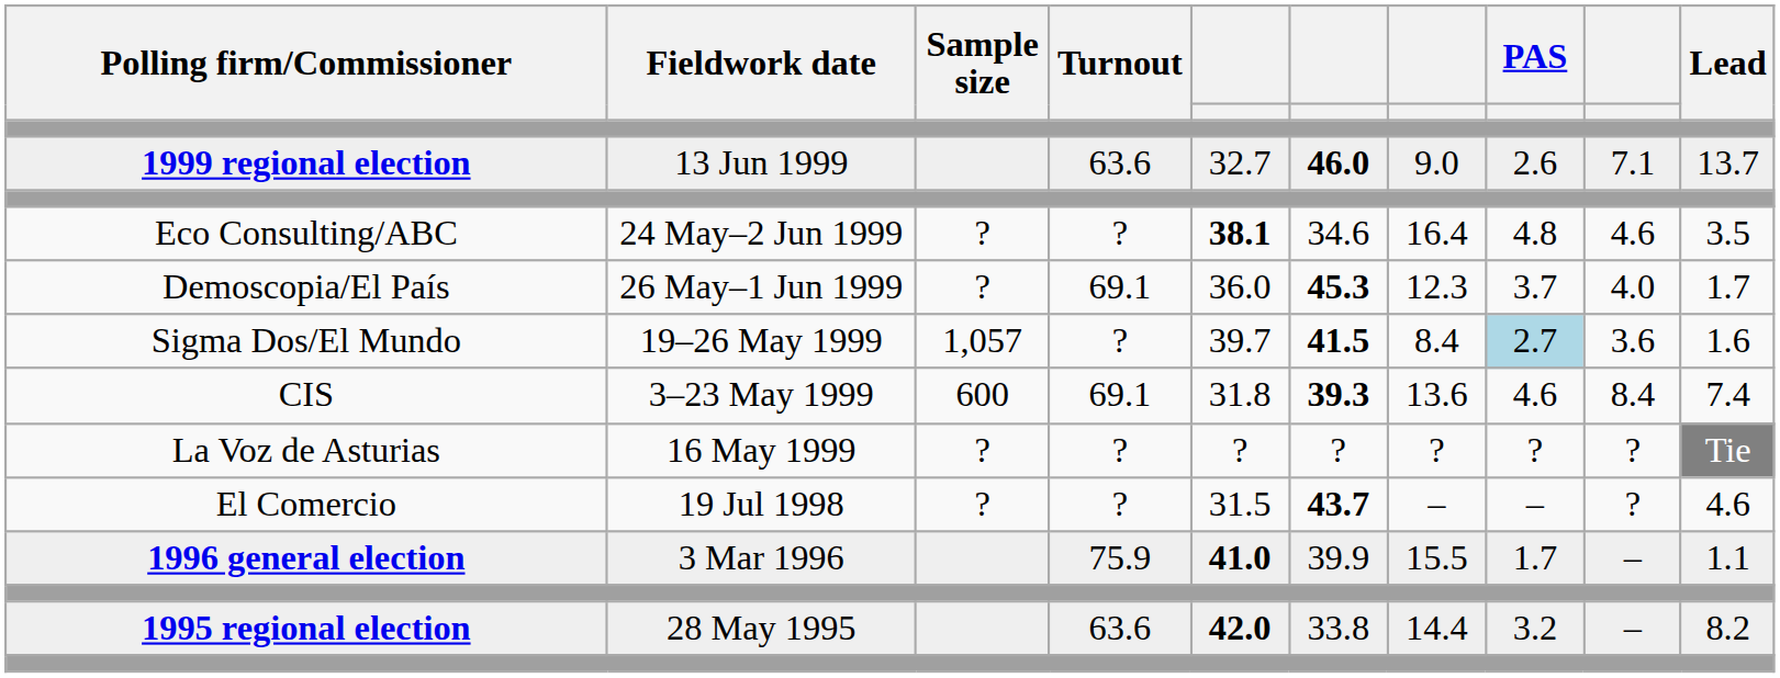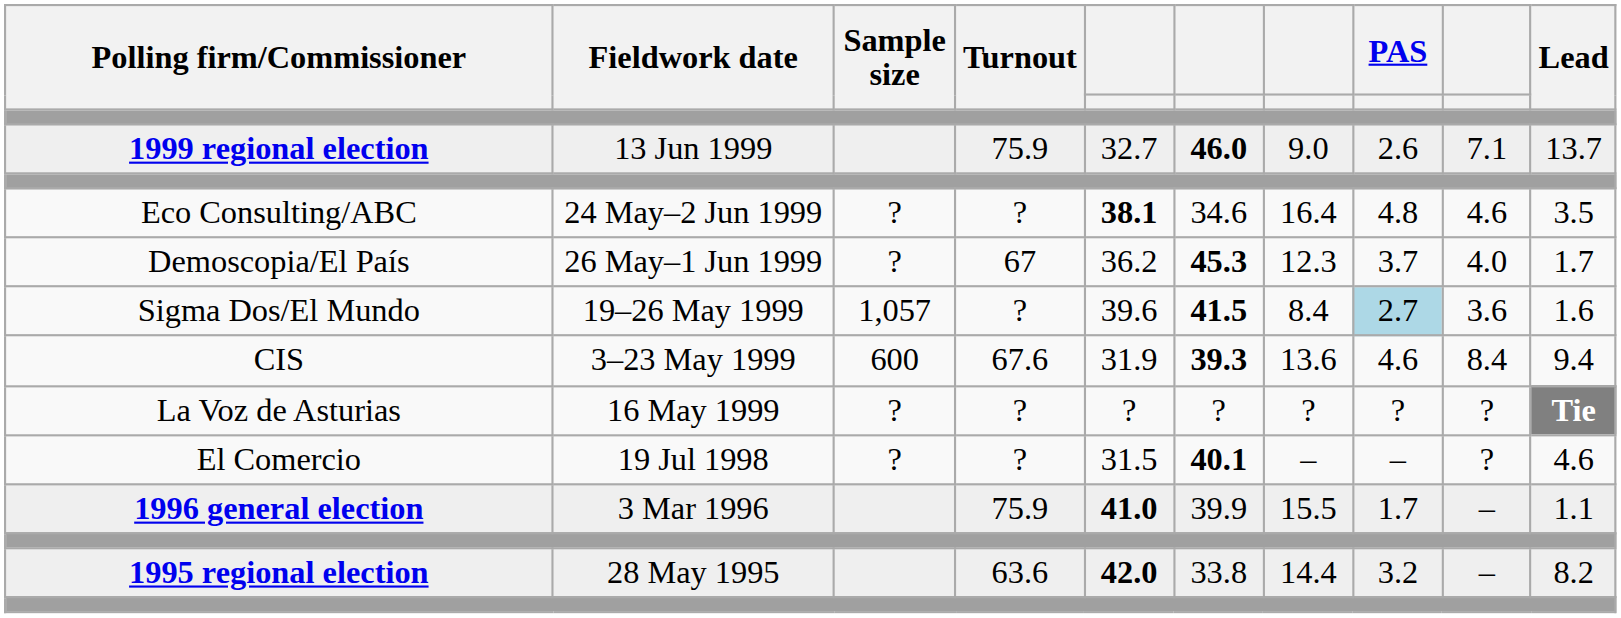 <table class="wikitable collapsible collapsed" style="text-align:center; font-size:95%; line-height:16px;">
 <tr style="height:42px;">
 <th style="width:250px;" rowspan="2">Polling firm/Commissioner</th>
 <th style="width:125px;" rowspan="2">Fieldwork date</th>
 <th style="width:50px;" rowspan="2">Sample size</th>
 <th style="width:45px;" rowspan="2">Turnout</th>
 <th style="width:35px;"></th>
 <th style="width:35px;"></th>
 <th style="width:35px;"></th>
 <th style="width:35px;"><a href='#'>PAS</a></th>
 <th style="width:35px; font-size:90%;"></th>
 <th style="width:30px;" rowspan="2">Lead</th>
 </tr>
 <tr>
 <th style="color:inherit;background:"></th>
 <th style="color:inherit;background:"></th>
 <th style="color:inherit;background:"></th>
 <th style="color:inherit;background:"></th>
 <th style="color:inherit;background:"></th>
 </tr>
 <tr>
 <td colspan="10" style="background:#A0A0A0"></td>
 </tr>
 <tr style="background:#EFEFEF;">
 <td><strong><a href='#'>1999 regional election</a></strong></td>
 <td>13 Jun 1999</td>
 <td></td>
-<td>63.6</td>
+<td>75.9</td>
 <td>32.7<br></td>
 <td><strong>46.0</strong><br></td>
 <td>9.0<br></td>
 <td>2.6<br></td>
 <td>7.1<br></td>
 <td style="background:">13.7</td>
 </tr>
 <tr>
 <td colspan="10" style="background:#A0A0A0"></td>
 </tr>
 <tr>
 <td>Eco Consulting/ABC</td>
 <td>24 May–2 Jun 1999</td>
 <td>?</td>
 <td>?</td>
 <td><strong>38.1</strong><br></td>
 <td>34.6<br></td>
 <td>16.4<br></td>
 <td>4.8<br></td>
 <td>4.6<br></td>
 <td style="background:">3.5</td>
 </tr>
 <tr>
 <td>Demoscopia/El País</td>
 <td>26 May–1 Jun 1999</td>
 <td>?</td>
-<td>69.1</td>
-<td>36.0<br></td>
+<td>67</td>
+<td>36.2<br></td>
 <td><strong>45.3</strong><br></td>
 <td>12.3<br></td>
 <td>3.7<br></td>
 <td>4.0<br></td>
 <td style="background:">1.7</td>
 </tr>
 <tr>
 <td>Sigma Dos/El Mundo</td>
 <td>19–26 May 1999</td>
 <td>1,057</td>
 <td>?</td>
-<td>39.7<br></td>
+<td>39.6<br></td>
 <td><strong>41.5</strong><br></td>
 <td>8.4<br></td>
 <td style="background: lightblue;">2.7<br></td>
 <td>3.6<br></td>
 <td style="background:">1.6</td>
 </tr>
 <tr>
 <td>CIS</td>
 <td>3–23 May 1999</td>
 <td>600</td>
-<td>69.1</td>
-<td>31.8<br></td>
+<td>67.6</td>
+<td>31.9<br></td>
 <td><strong>39.3</strong><br></td>
 <td>13.6<br></td>
 <td>4.6<br></td>
 <td>8.4<br></td>
-<td style="background:">7.4</td>
+<td style="background:">9.4</td>
 </tr>
 <tr>
 <td>La Voz de Asturias</td>
 <td>16 May 1999</td>
 <td>?</td>
 <td>?</td>
 <td>?<br></td>
 <td>?<br></td>
 <td>?<br></td>
 <td>?<br></td>
 <td>?<br></td>
-<td style="background:gray; color:white;">Tie</td>
+<td style="background:gray; color:white;"><strong>Tie</strong></td>
 </tr>
 <tr>
 <td>El Comercio</td>
 <td>19 Jul 1998</td>
 <td>?</td>
 <td>?</td>
 <td>31.5<br></td>
-<td><strong>43.7</strong><br></td>
+<td><strong>40.1</strong><br></td>
 <td>–</td>
 <td>–</td>
 <td>?<br></td>
 <td style="background:">4.6</td>
 </tr>
 <tr style="background:#EFEFEF;">
 <td><strong><a href='#'>1996 general election</a></strong></td>
 <td>3 Mar 1996</td>
 <td></td>
 <td>75.9</td>
 <td><strong>41.0</strong></td>
 <td>39.9</td>
 <td>15.5</td>
 <td>1.7</td>
 <td>–</td>
 <td style="background:">1.1</td>
 </tr>
 <tr>
 <td colspan="10" style="background:#A0A0A0"></td>
 </tr>
 <tr style="background:#EFEFEF;">
 <td><strong><a href='#'>1995 regional election</a></strong></td>
 <td>28 May 1995</td>
 <td></td>
 <td>63.6</td>
 <td><strong>42.0</strong><br></td>
 <td>33.8<br></td>
 <td>14.4<br></td>
 <td>3.2<br></td>
 <td>–</td>
 <td style="background:">8.2</td>
 </tr>
 <tr>
 <td colspan="10" style="background:#A0A0A0"></td>
 </tr>
 </table>
